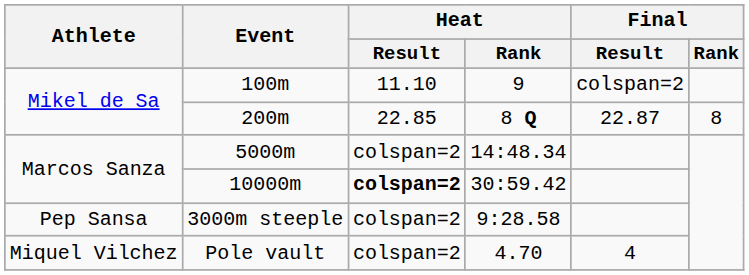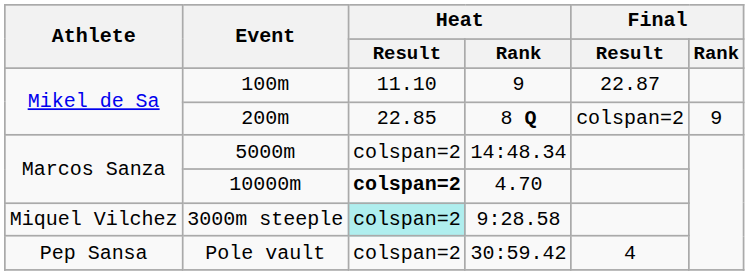 <table class="wikitable" style="font-size:90%">
 <tr>
 <th rowspan="2">Athlete</th>
 <th rowspan="2">Event</th>
 <th colspan="2">Heat</th>
 <th colspan="2">Final</th>
 </tr>
 <tr style="font-size:95%">
 <th>Result</th>
 <th>Rank</th>
 <th>Result</th>
 <th>Rank</th>
 </tr>
 <tr align=center>
 <td rowspan=2><a href='#'>Mikel de Sa</a></td>
 <td>100m</td>
 <td>11.10</td>
 <td>9</td>
-<td>colspan=2 </td>
+<td>22.87</td>
 </tr>
 <tr align=center>
 <td>200m</td>
 <td>22.85</td>
 <td>8 <strong>Q</strong></td>
-<td>22.87</td>
-<td>8</td>
+<td>colspan=2 </td>
+<td>9</td>
 </tr>
 <tr align=center>
 <td rowspan=2>Marcos Sanza</td>
 <td>5000m</td>
 <td>colspan=2 </td>
 <td>14:48.34</td>
 <td></td>
 </tr>
 <tr align=center>
 <td>10000m</td>
 <td><strong>colspan=2 </strong></td>
-<td>30:59.42</td>
+<td>4.70</td>
+<td></td>
+</tr>
+<tr align=center>
+<td>Miquel Vilchez</td>
+<td>3000m steeple</td>
+<td style="background: paleturquoise;">colspan=2 </td>
+<td>9:28.58</td>
 <td></td>
 </tr>
 <tr align=center>
 <td>Pep Sansa</td>
-<td>3000m steeple</td>
-<td>colspan=2 </td>
-<td>9:28.58</td>
-<td></td>
-</tr>
-<tr align=center>
-<td>Miquel Vilchez</td>
 <td>Pole vault</td>
 <td>colspan=2 </td>
-<td>4.70</td>
+<td>30:59.42</td>
 <td>4</td>
 </tr>
 </table>
